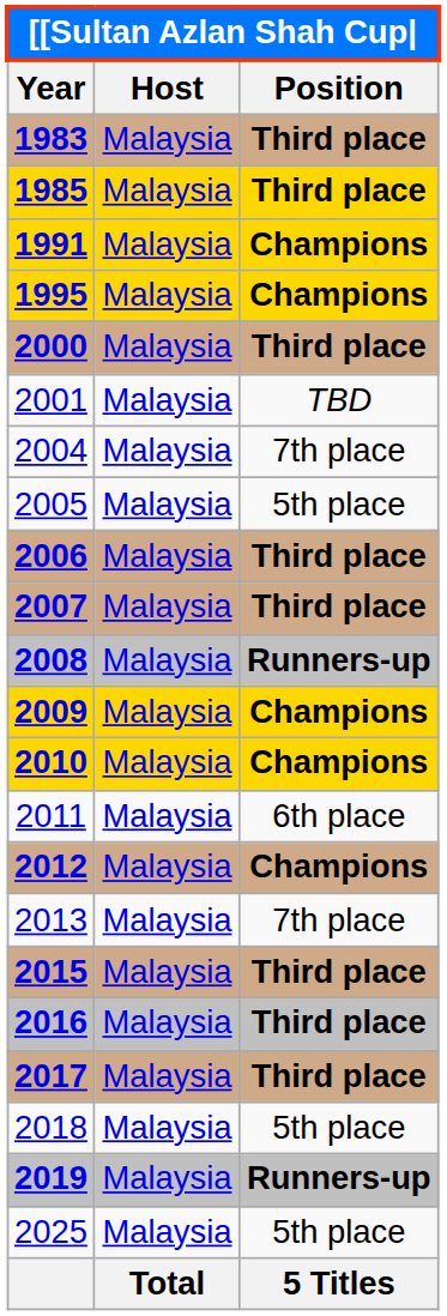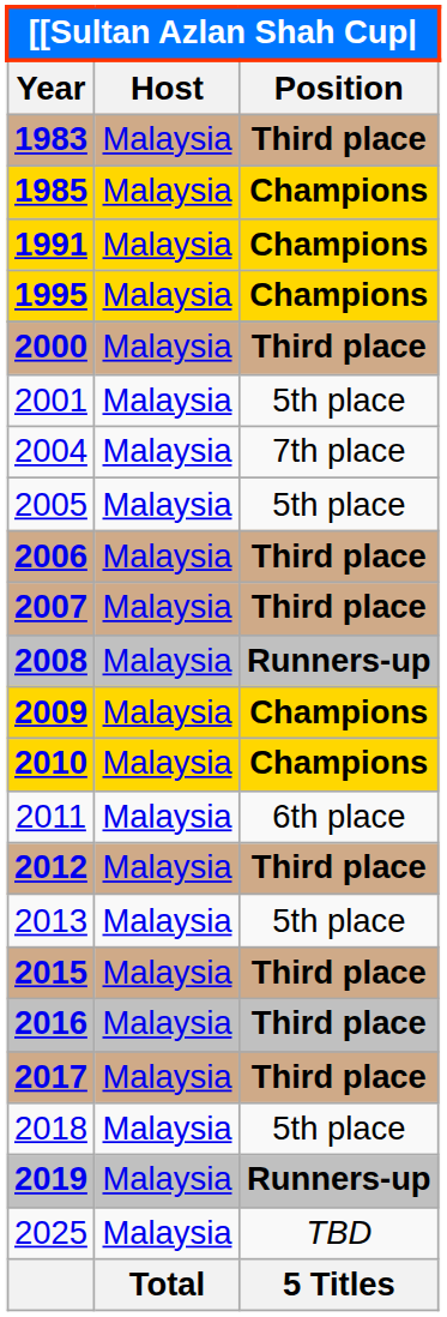 <table class="wikitable" style="text-align: center">
 <tr>
 <th colspan=10 style="background: #0077FF;border: 2px solid #ff3300;color: #FFFFFF;">[[Sultan Azlan Shah Cup|</th>
 </tr>
 <tr>
 <th>Year</th>
 <th>Host</th>
 <th>Position</th>
 </tr>
 <tr bgcolor=#CFAA88>
 <td><strong><a href='#'>1983</a></strong></td>
 <td align=left> <a href='#'>Malaysia</a></td>
 <td><strong>Third place</strong></td>
 </tr>
 <tr bgcolor=Gold>
 <td><strong><a href='#'>1985</a></strong></td>
 <td align=left> <a href='#'>Malaysia</a></td>
-<td><strong>Third place</strong></td>
+<td><strong>Champions</strong></td>
 </tr>
 <tr bgcolor=Gold>
 <td><strong><a href='#'>1991</a></strong></td>
 <td align=left> <a href='#'>Malaysia</a></td>
 <td><strong>Champions</strong></td>
 </tr>
 <tr bgcolor=Gold>
 <td><strong><a href='#'>1995</a></strong></td>
 <td align=left> <a href='#'>Malaysia</a></td>
 <td><strong>Champions</strong></td>
 </tr>
 <tr>
 </tr>
 <tr bgcolor=#CFAA88>
 <td><strong><a href='#'>2000</a></strong></td>
 <td align=left> <a href='#'>Malaysia</a></td>
 <td><strong>Third place</strong></td>
 </tr>
 <tr>
 <td><a href='#'>2001</a></td>
 <td align=left> <a href='#'>Malaysia</a></td>
-<td><em>TBD</em></td>
+<td>5th place</td>
 </tr>
 <tr>
 <td><a href='#'>2004</a></td>
 <td align=left> <a href='#'>Malaysia</a></td>
 <td>7th place</td>
 </tr>
 <tr>
 <td><a href='#'>2005</a></td>
 <td align=left> <a href='#'>Malaysia</a></td>
 <td>5th place</td>
 </tr>
 <tr bgcolor=#CFAA88>
 <td><strong><a href='#'>2006</a></strong></td>
 <td align=left> <a href='#'>Malaysia</a></td>
 <td><strong>Third place</strong></td>
 </tr>
 <tr bgcolor=#CFAA88>
 <td><strong><a href='#'>2007</a></strong></td>
 <td align=left> <a href='#'>Malaysia</a></td>
 <td><strong>Third place</strong></td>
 </tr>
 <tr bgcolor=Silver>
 <td><strong><a href='#'>2008</a></strong></td>
 <td align=left> <a href='#'>Malaysia</a></td>
 <td><strong>Runners-up</strong></td>
 </tr>
 <tr bgcolor=Gold>
 <td><strong><a href='#'>2009</a></strong></td>
 <td align=left> <a href='#'>Malaysia</a></td>
 <td><strong>Champions</strong></td>
 </tr>
 <tr bgcolor=Gold>
 <td><strong><a href='#'>2010</a></strong></td>
 <td align=left> <a href='#'>Malaysia</a></td>
 <td><strong>Champions</strong></td>
 </tr>
 <tr>
 <td><a href='#'>2011</a></td>
 <td align=left> <a href='#'>Malaysia</a></td>
 <td>6th place</td>
 </tr>
 <tr bgcolor=#CFAA88>
 <td><strong><a href='#'>2012</a></strong></td>
 <td align=left> <a href='#'>Malaysia</a></td>
-<td><strong>Champions</strong></td>
+<td><strong>Third place</strong></td>
 </tr>
 <tr>
 <td><a href='#'>2013</a></td>
 <td align=left> <a href='#'>Malaysia</a></td>
-<td>7th place</td>
+<td>5th place</td>
 </tr>
 <tr bgcolor=#CFAA88>
 <td><strong><a href='#'>2015</a></strong></td>
 <td align=left> <a href='#'>Malaysia</a></td>
 <td><strong>Third place</strong></td>
 </tr>
 <tr bgcolor=Silver>
 <td><strong><a href='#'>2016</a></strong></td>
 <td align=left> <a href='#'>Malaysia</a></td>
 <td><strong>Third place</strong></td>
 </tr>
 <tr bgcolor=#CFAA88>
 <td><strong><a href='#'>2017</a></strong></td>
 <td align=left> <a href='#'>Malaysia</a></td>
 <td><strong>Third place</strong></td>
 </tr>
 <tr>
 <td><a href='#'>2018</a></td>
 <td align=left> <a href='#'>Malaysia</a></td>
 <td>5th place</td>
 </tr>
 <tr bgcolor=Silver>
 <td><strong><a href='#'>2019</a></strong></td>
 <td align=left> <a href='#'>Malaysia</a></td>
 <td><strong>Runners-up</strong></td>
 </tr>
 <tr>
 <td><a href='#'>2025</a></td>
 <td align=left> <a href='#'>Malaysia</a></td>
-<td>5th place</td>
+<td><em>TBD</em></td>
 </tr>
 <tr>
 <th></th>
 <th>Total</th>
 <th>5 Titles</th>
 </tr>
 </table>
